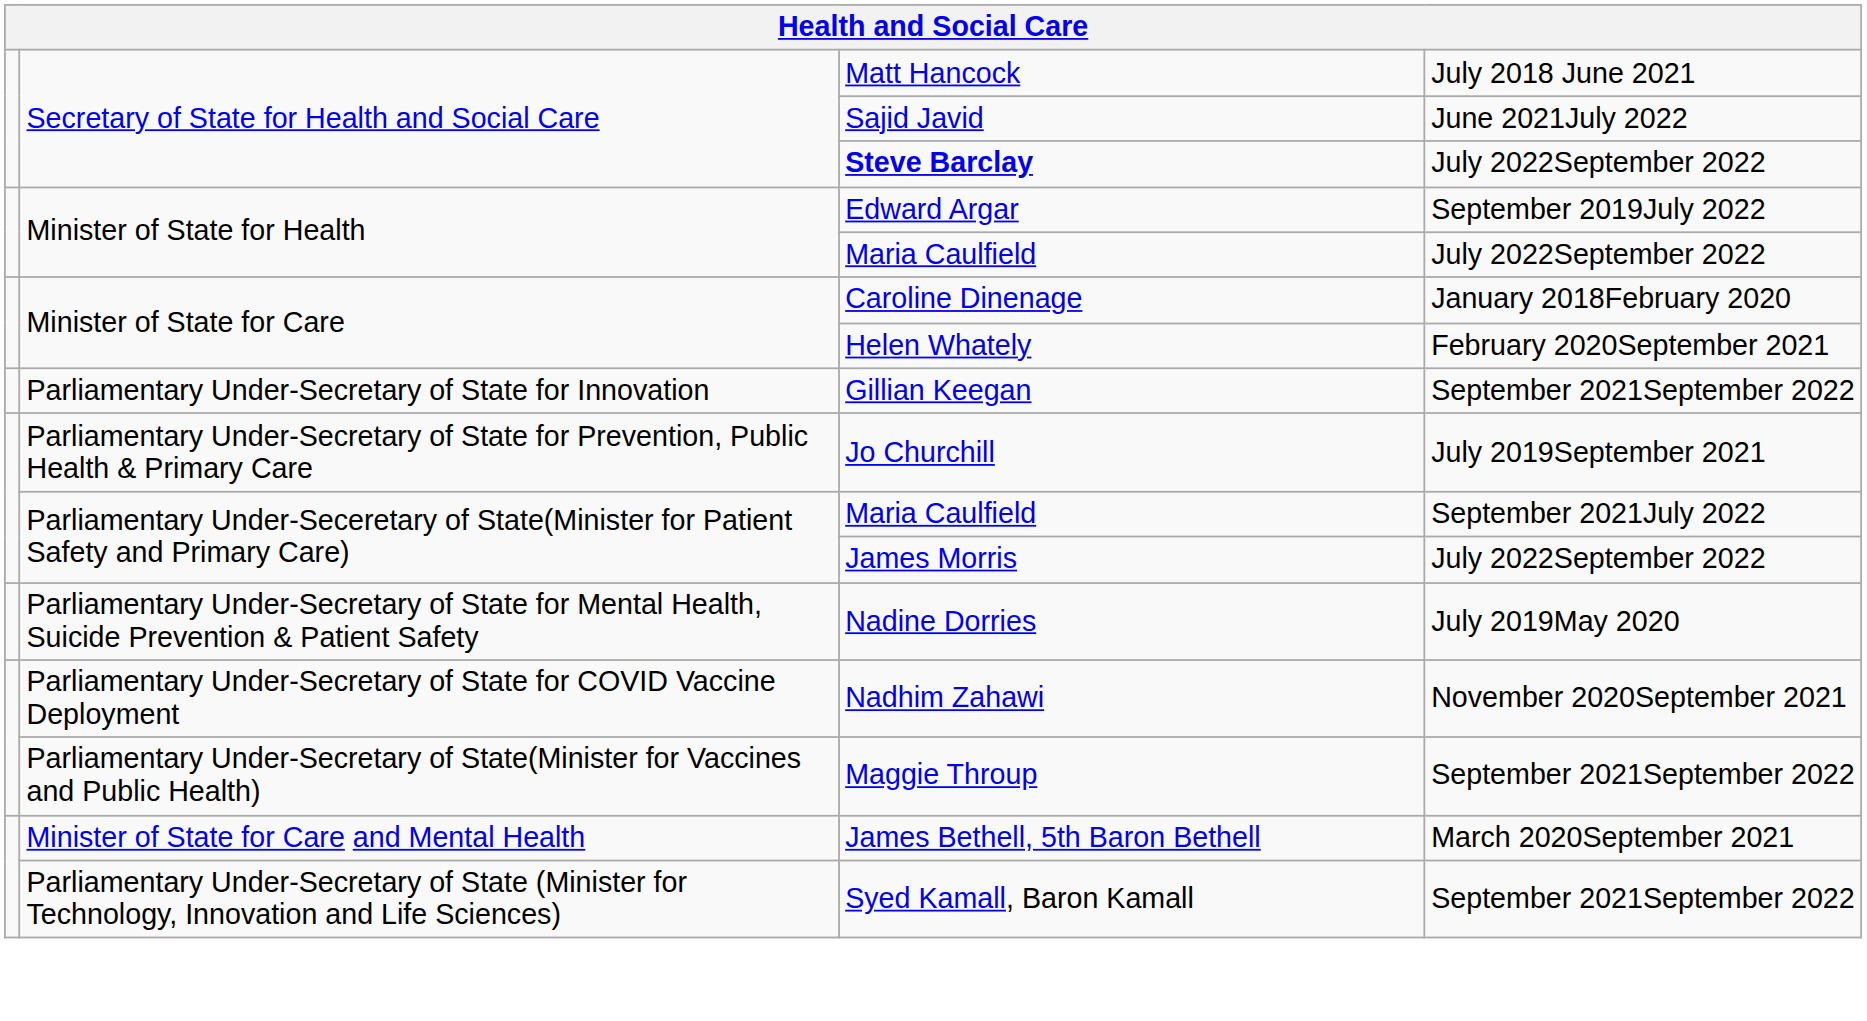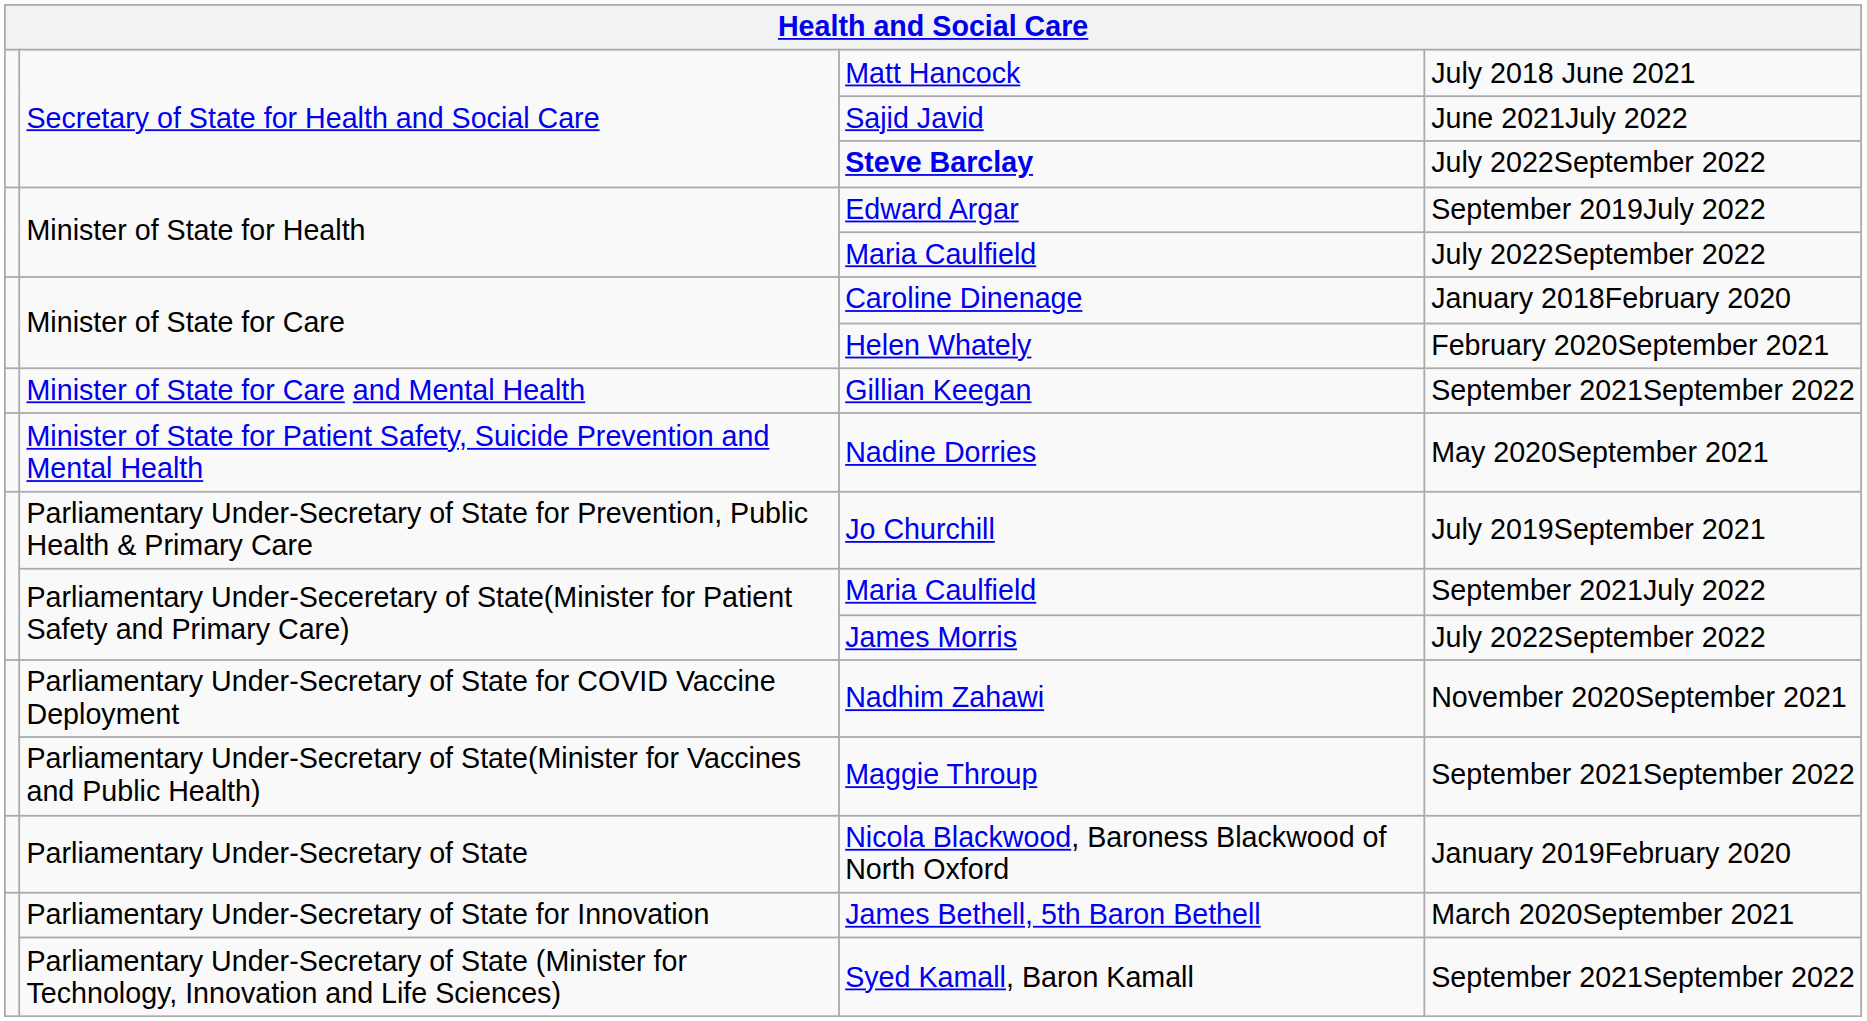 <table class="wikitable">
 <tr>
 <th colspan="4"><a href='#'>Health and Social Care</a></th>
 </tr>
 <tr>
 <td rowspan=3 style="width: 1px; background: "></td>
 <td rowspan=3 style="width: 450px;"><a href='#'>Secretary of State for Health and Social Care</a></td>
 <td style="width: 320px;"><a href='#'>Matt Hancock</a></td>
 <td>July 2018 June 2021</td>
 </tr>
 <tr>
 <td style="width: 320px;"><a href='#'>Sajid Javid</a></td>
 <td>June 2021July 2022</td>
 </tr>
 <tr>
 <td style="width: 320px;"><strong><a href='#'>Steve Barclay</a></strong></td>
 <td>July 2022September 2022</td>
 </tr>
 <tr>
 <td rowspan=2 style="width: 1px; background: "></td>
 <td rowspan=2 style="width: 450px;">Minister of State for Health</td>
 <td><a href='#'>Edward Argar</a></td>
 <td>September 2019July 2022</td>
 </tr>
 <tr>
 <td><a href='#'>Maria Caulfield</a></td>
 <td>July 2022September 2022</td>
 </tr>
 <tr>
 <td rowspan=2 style="width: 1px; background: "></td>
 <td rowspan=2 style="width: 450px;">Minister of State for Care</td>
 <td style="width: 320px;"><a href='#'>Caroline Dinenage</a></td>
 <td>January 2018February 2020</td>
 </tr>
 <tr>
 <td><a href='#'>Helen Whately</a></td>
 <td>February 2020September 2021</td>
 </tr>
 <tr>
 <td style="width: 1px; background: "></td>
-<td>Parliamentary Under-Secretary of State for Innovation</td>
+<td style="width: 450px;"><a href='#'>Minister of State for Care</a> <a href='#'>and Mental Health</a></td>
 <td><a href='#'>Gillian Keegan</a></td>
 <td>September 2021September 2022</td>
+</tr>
+<tr>
+<td style="width: 1px; background: "></td>
+<td><a href='#'>Minister of State for Patient Safety, Suicide Prevention and Mental Health</a></td>
+<td><a href='#'>Nadine Dorries</a></td>
+<td>May 2020September 2021</td>
 </tr>
 <tr>
 <td rowspan=3 style="width: 1px; background: "></td>
 <td>Parliamentary Under-Secretary of State for Prevention, Public Health & Primary Care</td>
 <td><a href='#'>Jo Churchill</a></td>
 <td>July 2019September 2021</td>
 </tr>
 <tr>
 <td rowspan=2>Parliamentary Under-Seceretary of State(Minister for Patient Safety and Primary Care)</td>
 <td><a href='#'>Maria Caulfield</a></td>
 <td>September 2021July 2022</td>
 </tr>
 <tr>
 <td><a href='#'>James Morris</a></td>
 <td>July 2022September 2022</td>
 </tr>
 <tr>
-<td style="width: 1px; background: "></td>
-<td>Parliamentary Under-Secretary of State for Mental Health, Suicide Prevention & Patient Safety</td>
-<td><a href='#'>Nadine Dorries</a></td>
-<td>July 2019May 2020</td>
-</tr>
-<tr>
 <td rowspan=2 style="width: 1px; background: "></td>
 <td>Parliamentary Under-Secretary of State for COVID Vaccine Deployment</td>
 <td><a href='#'>Nadhim Zahawi</a> </td>
 <td>November 2020September 2021</td>
 </tr>
 <tr>
 <td>Parliamentary Under-Secretary of State(Minister for Vaccines and Public Health)</td>
 <td><a href='#'>Maggie Throup</a> </td>
 <td>September 2021September 2022</td>
 </tr>
 <tr>
+<td style="width: 1px; background: "></td>
+<td>Parliamentary Under-Secretary of State</td>
+<td><a href='#'>Nicola Blackwood</a>, Baroness Blackwood of North Oxford</td>
+<td>January 2019February 2020</td>
+</tr>
+<tr>
 <td rowspan=2 style="width: 1px; background: "></td>
-<td style="width: 450px;"><a href='#'>Minister of State for Care</a> <a href='#'>and Mental Health</a></td>
+<td>Parliamentary Under-Secretary of State for Innovation</td>
 <td><a href='#'>James Bethell, 5th Baron Bethell</a> </td>
 <td>March 2020September 2021</td>
 </tr>
 <tr>
 <td>Parliamentary Under-Secretary of State (Minister for Technology, Innovation and Life Sciences)</td>
 <td><a href='#'>Syed Kamall</a>, Baron Kamall</td>
 <td>September 2021September 2022</td>
 </tr>
 </table>
